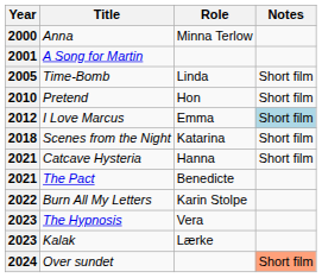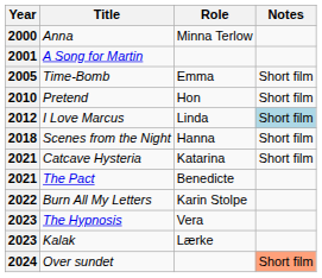 <table class="wikitable plainrowheaders sortable">
 <tr>
 <th scope="col">Year</th>
 <th scope="col">Title</th>
 <th scope="col">Role</th>
 <th scope="col" class="unsortable">Notes</th>
 </tr>
 <tr>
 <th scope="row">2000</th>
 <td><em>Anna</em></td>
 <td>Minna Terlow</td>
 <td></td>
 </tr>
 <tr>
 <th scope="row">2001</th>
 <td><em><a href='#'>A Song for Martin</a></em></td>
 <td></td>
 <td></td>
 </tr>
 <tr>
 <th scope="row">2005</th>
 <td><em>Time-Bomb</em></td>
-<td>Linda</td>
+<td>Emma</td>
 <td>Short film</td>
 </tr>
 <tr>
 <th scope="row">2010</th>
 <td><em>Pretend</em></td>
 <td>Hon</td>
 <td>Short film</td>
 </tr>
 <tr>
 <th scope="row">2012</th>
 <td><em>I Love Marcus</em></td>
-<td>Emma</td>
+<td>Linda</td>
 <td style="background: lightblue;">Short film</td>
 </tr>
 <tr>
 <th scope="row">2018</th>
 <td><em>Scenes from the Night</em></td>
-<td>Katarina</td>
+<td>Hanna</td>
 <td>Short film</td>
 </tr>
 <tr>
 <th scope="row">2021</th>
 <td><em>Catcave Hysteria</em></td>
-<td>Hanna</td>
+<td>Katarina</td>
 <td>Short film</td>
 </tr>
 <tr>
 <th scope="row">2021</th>
 <td><em><a href='#'>The Pact</a></em></td>
 <td>Benedicte</td>
 <td></td>
 </tr>
 <tr>
 <th scope="row">2022</th>
 <td><em>Burn All My Letters</em></td>
 <td>Karin Stolpe</td>
 <td></td>
 </tr>
 <tr>
 <th scope="row">2023</th>
 <td><em><a href='#'>The Hypnosis</a></em></td>
 <td>Vera</td>
 <td></td>
 </tr>
 <tr>
 <th scope="row">2023</th>
 <td><em>Kalak</em></td>
 <td>‌Lærke</td>
 <td></td>
 </tr>
 <tr>
 <th scope="row">2024</th>
 <td><em>Over sundet</em></td>
 <td></td>
 <td style="background: lightsalmon;">Short film</td>
 </tr>
 </table>
